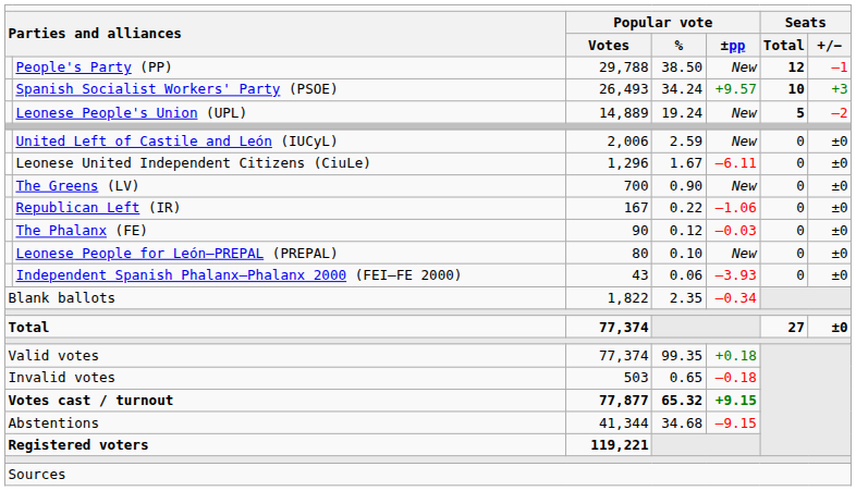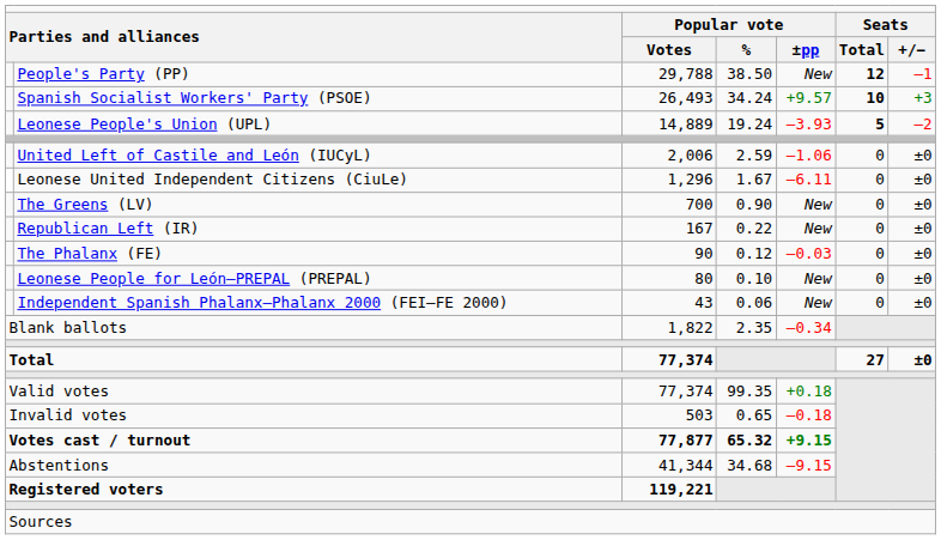 <table class="wikitable" style="text-align:right;">
 <tr>
 <td colspan="7"></td>
 </tr>
 <tr>
 <th style="text-align:left;" rowspan="2" colspan="2" width="525">Parties and alliances</th>
 <th colspan="3">Popular vote</th>
 <th colspan="2">Seats</th>
 </tr>
 <tr>
 <th width="75">Votes</th>
 <th width="45">%</th>
 <th width="45">±<a href='#'>pp</a></th>
 <th width="35">Total</th>
 <th width="35">+/−</th>
 </tr>
 <tr>
 <td width="1" style="color:inherit;background:"></td>
 <td align="left"><a href='#'>People's Party</a> (PP)</td>
 <td>29,788</td>
 <td>38.50</td>
 <td><em>New</em></td>
 <td><strong>12</strong></td>
 <td style="color:red;">–1</td>
 </tr>
 <tr>
 <td style="color:inherit;background:"></td>
 <td align="left"><a href='#'>Spanish Socialist Workers' Party</a> (PSOE)</td>
 <td>26,493</td>
 <td>34.24</td>
 <td style="color:green;">+9.57</td>
 <td><strong>10</strong></td>
 <td style="color:green;">+3</td>
 </tr>
 <tr>
 <td style="color:inherit;background:"></td>
 <td align="left"><a href='#'>Leonese People's Union</a> (UPL)</td>
 <td>14,889</td>
 <td>19.24</td>
-<td><em>New</em></td>
+<td style="color:red;">–3.93</td>
 <td><strong>5</strong></td>
 <td style="color:red;">–2</td>
 </tr>
 <tr>
 <td colspan="7" bgcolor="#C0C0C0"></td>
 </tr>
 <tr>
 <td style="color:inherit;background:"></td>
 <td align="left"><a href='#'>United Left of Castile and León</a> (IUCyL)</td>
 <td>2,006</td>
 <td>2.59</td>
-<td><em>New</em></td>
+<td style="color:red;">–1.06</td>
 <td>0</td>
 <td>±0</td>
 </tr>
 <tr>
 <td bgcolor="white"></td>
 <td align="left">Leonese United Independent Citizens (CiuLe)</td>
 <td>1,296</td>
 <td>1.67</td>
 <td style="color:red;">–6.11</td>
 <td>0</td>
 <td>±0</td>
 </tr>
 <tr>
 <td style="color:inherit;background:"></td>
 <td align="left"><a href='#'>The Greens</a> (LV)</td>
 <td>700</td>
 <td>0.90</td>
 <td><em>New</em></td>
 <td>0</td>
 <td>±0</td>
 </tr>
 <tr>
 <td style="color:inherit;background:"></td>
 <td align="left"><a href='#'>Republican Left</a> (IR)</td>
 <td>167</td>
 <td>0.22</td>
-<td style="color:red;">–1.06</td>
+<td><em>New</em></td>
 <td>0</td>
 <td>±0</td>
 </tr>
 <tr>
 <td style="color:inherit;background:"></td>
 <td align="left"><a href='#'>The Phalanx</a> (FE)</td>
 <td>90</td>
 <td>0.12</td>
 <td style="color:red;">–0.03</td>
 <td>0</td>
 <td>±0</td>
 </tr>
 <tr>
 <td style="color:inherit;background:"></td>
 <td align="left"><a href='#'>Leonese People for León–PREPAL</a> (PREPAL)</td>
 <td>80</td>
 <td>0.10</td>
 <td><em>New</em></td>
 <td>0</td>
 <td>±0</td>
 </tr>
 <tr>
 <td style="color:inherit;background:"></td>
 <td align="left"><a href='#'>Independent Spanish Phalanx–Phalanx 2000</a> (FEI–FE 2000)</td>
 <td>43</td>
 <td>0.06</td>
-<td style="color:red;">–3.93</td>
+<td><em>New</em></td>
 <td>0</td>
 <td>±0</td>
 </tr>
 <tr>
 <td align="left" colspan="2">Blank ballots</td>
 <td>1,822</td>
 <td>2.35</td>
 <td style="color:red;">–0.34</td>
 <td bgcolor="#E9E9E9" colspan="2"></td>
 </tr>
 <tr>
 <td colspan="7" bgcolor="#E9E9E9"></td>
 </tr>
 <tr style="font-weight:bold;">
 <td align="left" colspan="2">Total</td>
 <td>77,374</td>
 <td bgcolor="#E9E9E9" colspan="2"></td>
 <td>27</td>
 <td>±0</td>
 </tr>
 <tr>
 <td colspan="7" bgcolor="#E9E9E9"></td>
 </tr>
 <tr>
 <td align="left" colspan="2">Valid votes</td>
 <td>77,374</td>
 <td>99.35</td>
 <td style="color:green;">+0.18</td>
 <td bgcolor="#E9E9E9" colspan="2" rowspan="5"></td>
 </tr>
 <tr>
 <td align="left" colspan="2">Invalid votes</td>
 <td>503</td>
 <td>0.65</td>
 <td style="color:red;">–0.18</td>
 </tr>
 <tr style="font-weight:bold;">
 <td align="left" colspan="2">Votes cast / turnout</td>
 <td>77,877</td>
 <td>65.32</td>
 <td style="color:green;">+9.15</td>
 </tr>
 <tr>
 <td align="left" colspan="2">Abstentions</td>
 <td>41,344</td>
 <td>34.68</td>
 <td style="color:red;">–9.15</td>
 </tr>
 <tr style="font-weight:bold;">
 <td align="left" colspan="2">Registered voters</td>
 <td>119,221</td>
 <td bgcolor="#E9E9E9" colspan="2"></td>
 </tr>
 <tr>
 <td colspan="7" bgcolor="#E9E9E9"></td>
 </tr>
 <tr>
 <td align="left" colspan="7">Sources</td>
 </tr>
 </table>
